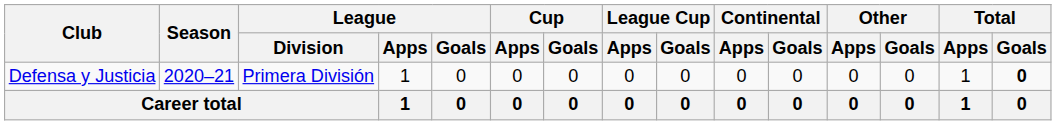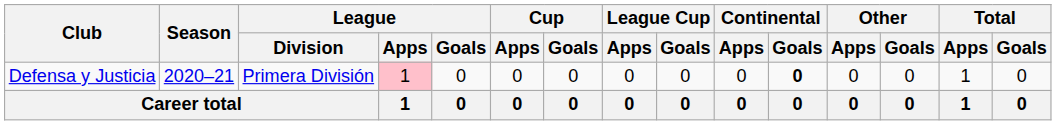 <table class="wikitable" style="text-align:center">
 <tr>
 <th rowspan="2">Club</th>
 <th rowspan="2">Season</th>
 <th colspan="3">League</th>
 <th colspan="2">Cup</th>
 <th colspan="2">League Cup</th>
 <th colspan="2">Continental</th>
 <th colspan="2">Other</th>
 <th colspan="2">Total</th>
 </tr>
 <tr>
 <th>Division</th>
 <th>Apps</th>
 <th>Goals</th>
 <th>Apps</th>
 <th>Goals</th>
 <th>Apps</th>
 <th>Goals</th>
 <th>Apps</th>
 <th>Goals</th>
 <th>Apps</th>
 <th>Goals</th>
 <th>Apps</th>
 <th>Goals</th>
 </tr>
 <tr>
 <td rowspan="1"><a href='#'>Defensa y Justicia</a></td>
 <td><a href='#'>2020–21</a></td>
 <td rowspan="1"><a href='#'>Primera División</a></td>
-<td>1</td>
+<td style="background: pink;">1</td>
 <td>0</td>
 <td>0</td>
 <td>0</td>
 <td>0</td>
 <td>0</td>
 <td>0</td>
-<td>0</td>
+<td><strong>0</strong></td>
 <td>0</td>
 <td>0</td>
 <td>1</td>
-<td><strong>0</strong></td>
+<td>0</td>
 </tr>
 <tr>
 <th colspan="3">Career total</th>
 <th>1</th>
 <th>0</th>
 <th>0</th>
 <th>0</th>
 <th>0</th>
 <th>0</th>
 <th>0</th>
 <th>0</th>
 <th>0</th>
 <th>0</th>
 <th>1</th>
 <th>0</th>
 </tr>
 </table>
